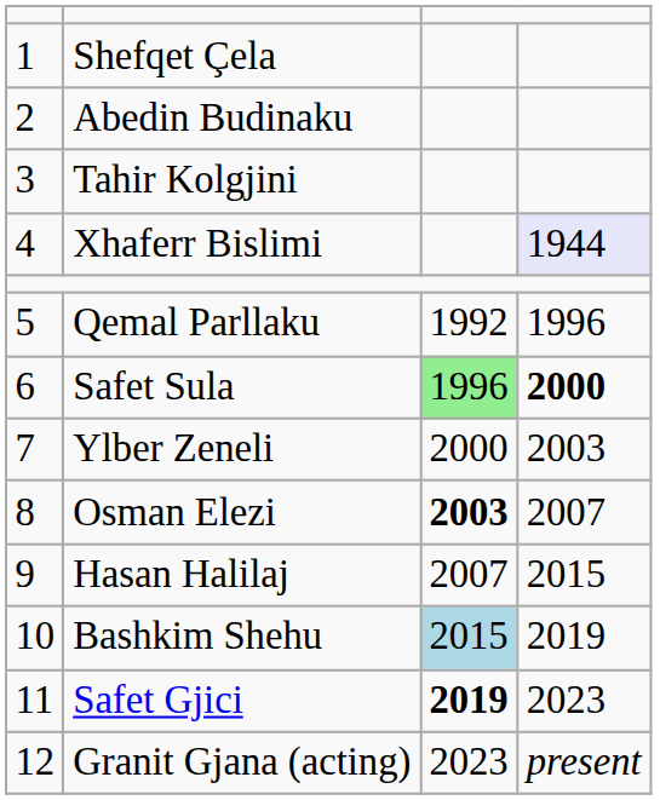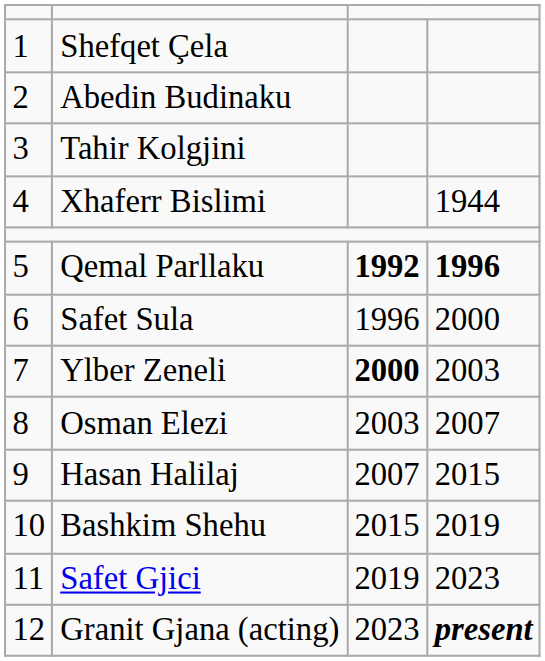 <table class="wikitable sortable">
 <tr>
 <td><strong></strong></td>
 <td><strong></strong></td>
 <td colspan="2"><strong></strong></td>
 </tr>
 <tr>
 <td>1</td>
 <td>Shefqet Çela</td>
 <td></td>
 <td></td>
 </tr>
 <tr>
 <td>2</td>
 <td>Abedin Budinaku</td>
 <td></td>
 <td></td>
 </tr>
 <tr>
 <td>3</td>
 <td>Tahir Kolgjini</td>
 <td></td>
 <td></td>
 </tr>
 <tr>
 <td>4</td>
 <td>Xhaferr Bislimi</td>
 <td></td>
-<td style="background: lavender;">1944</td>
+<td>1944</td>
 </tr>
 <tr>
 <td colspan="8" align=center></td>
 </tr>
 <tr>
 <td>5</td>
 <td>Qemal Parllaku</td>
-<td>1992</td>
-<td>1996</td>
+<td><strong>1992</strong></td>
+<td><strong>1996</strong></td>
 </tr>
 <tr>
 <td>6</td>
 <td>Safet Sula</td>
-<td style="background: lightgreen;">1996</td>
-<td><strong>2000</strong></td>
+<td>1996</td>
+<td>2000</td>
 </tr>
 <tr>
 <td>7</td>
 <td>Ylber Zeneli</td>
-<td>2000</td>
+<td><strong>2000</strong></td>
 <td>2003</td>
 </tr>
 <tr>
 <td>8</td>
 <td>Osman Elezi</td>
-<td><strong>2003</strong></td>
+<td>2003</td>
 <td>2007</td>
 </tr>
 <tr>
 <td>9</td>
 <td>Hasan Halilaj</td>
 <td>2007</td>
 <td>2015</td>
 </tr>
 <tr>
 <td>10</td>
 <td>Bashkim Shehu</td>
-<td style="background: lightblue;">2015</td>
+<td>2015</td>
 <td>2019</td>
 </tr>
 <tr>
 <td>11</td>
 <td><a href='#'>Safet Gjici</a></td>
-<td><strong>2019</strong></td>
+<td>2019</td>
 <td>2023</td>
 </tr>
 <tr>
 <td>12</td>
 <td>Granit Gjana (acting)</td>
 <td>2023</td>
-<td><em>present</em></td>
+<td><strong><em>present</em></strong></td>
 </tr>
 </table>
